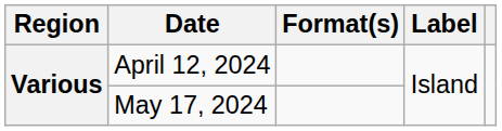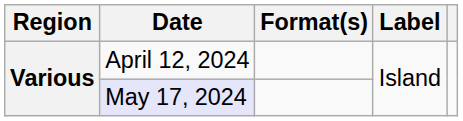 <table class="wikitable plainrowheaders">
 <tr>
 <th scope="col">Region</th>
 <th scope="col">Date</th>
 <th scope="col">Format(s)</th>
 <th scope="col">Label</th>
 <th scope="col"></th>
 </tr>
 <tr>
 <th rowspan="2" scope="row">Various</th>
 <td>April 12, 2024</td>
 <td></td>
 <td rowspan="2">Island</td>
 <td rowspan="2" align="center"></td>
 </tr>
 <tr>
-<td>May 17, 2024</td>
+<td style="background: lavender;">May 17, 2024</td>
 <td></td>
 </tr>
 </table>
